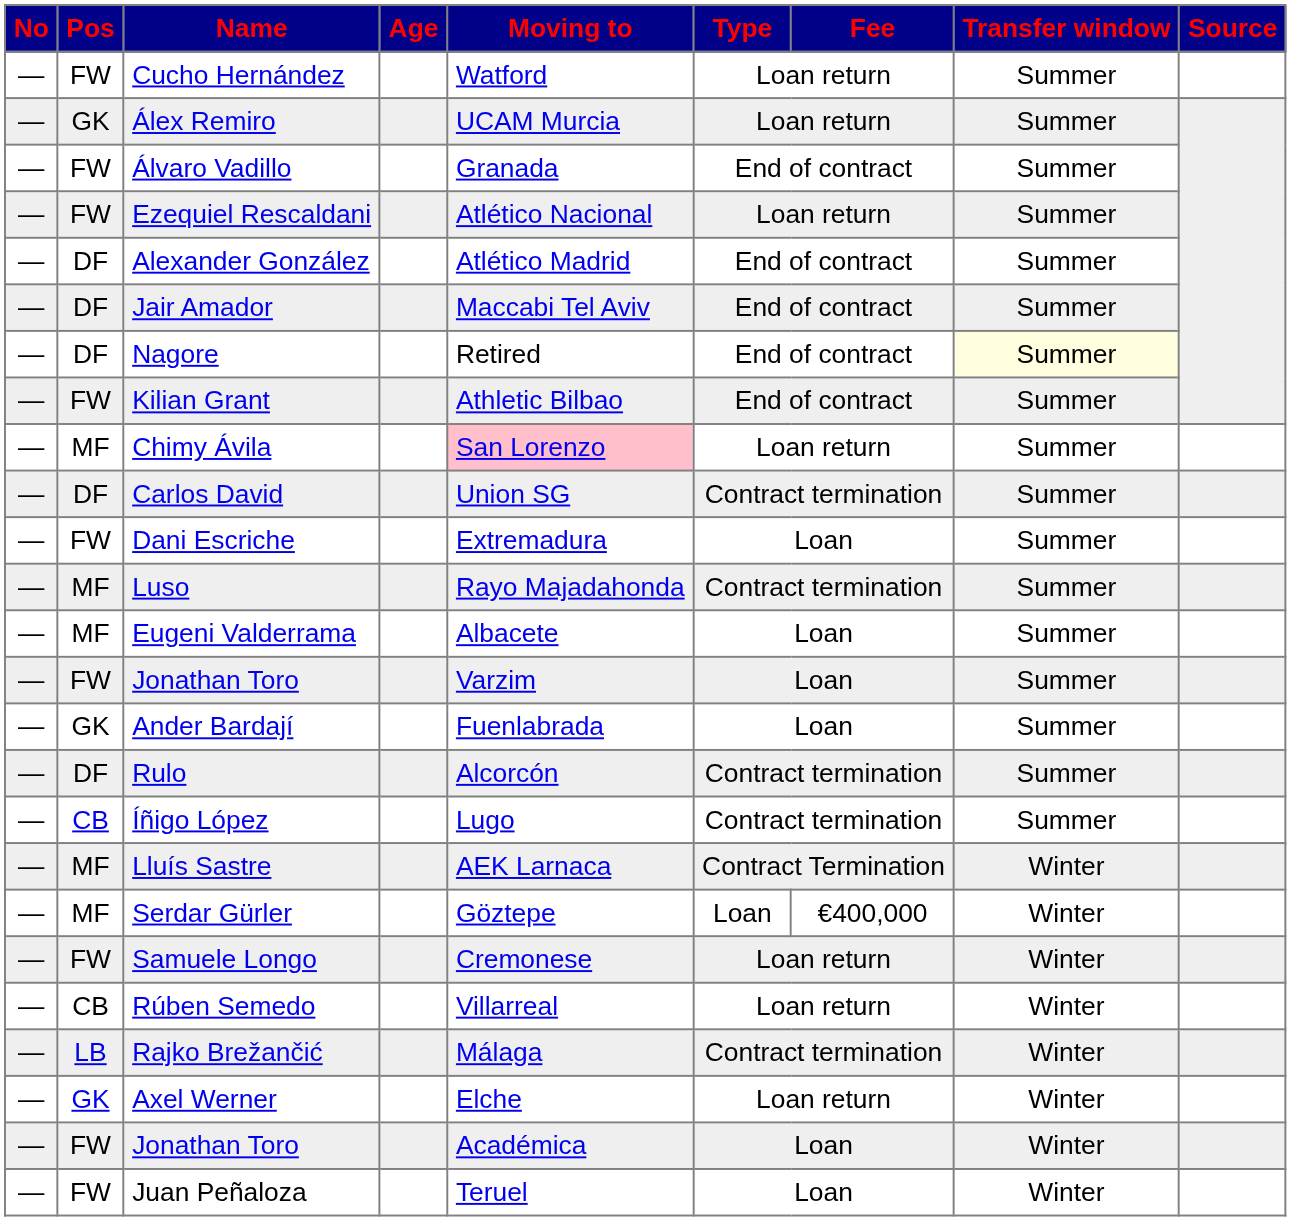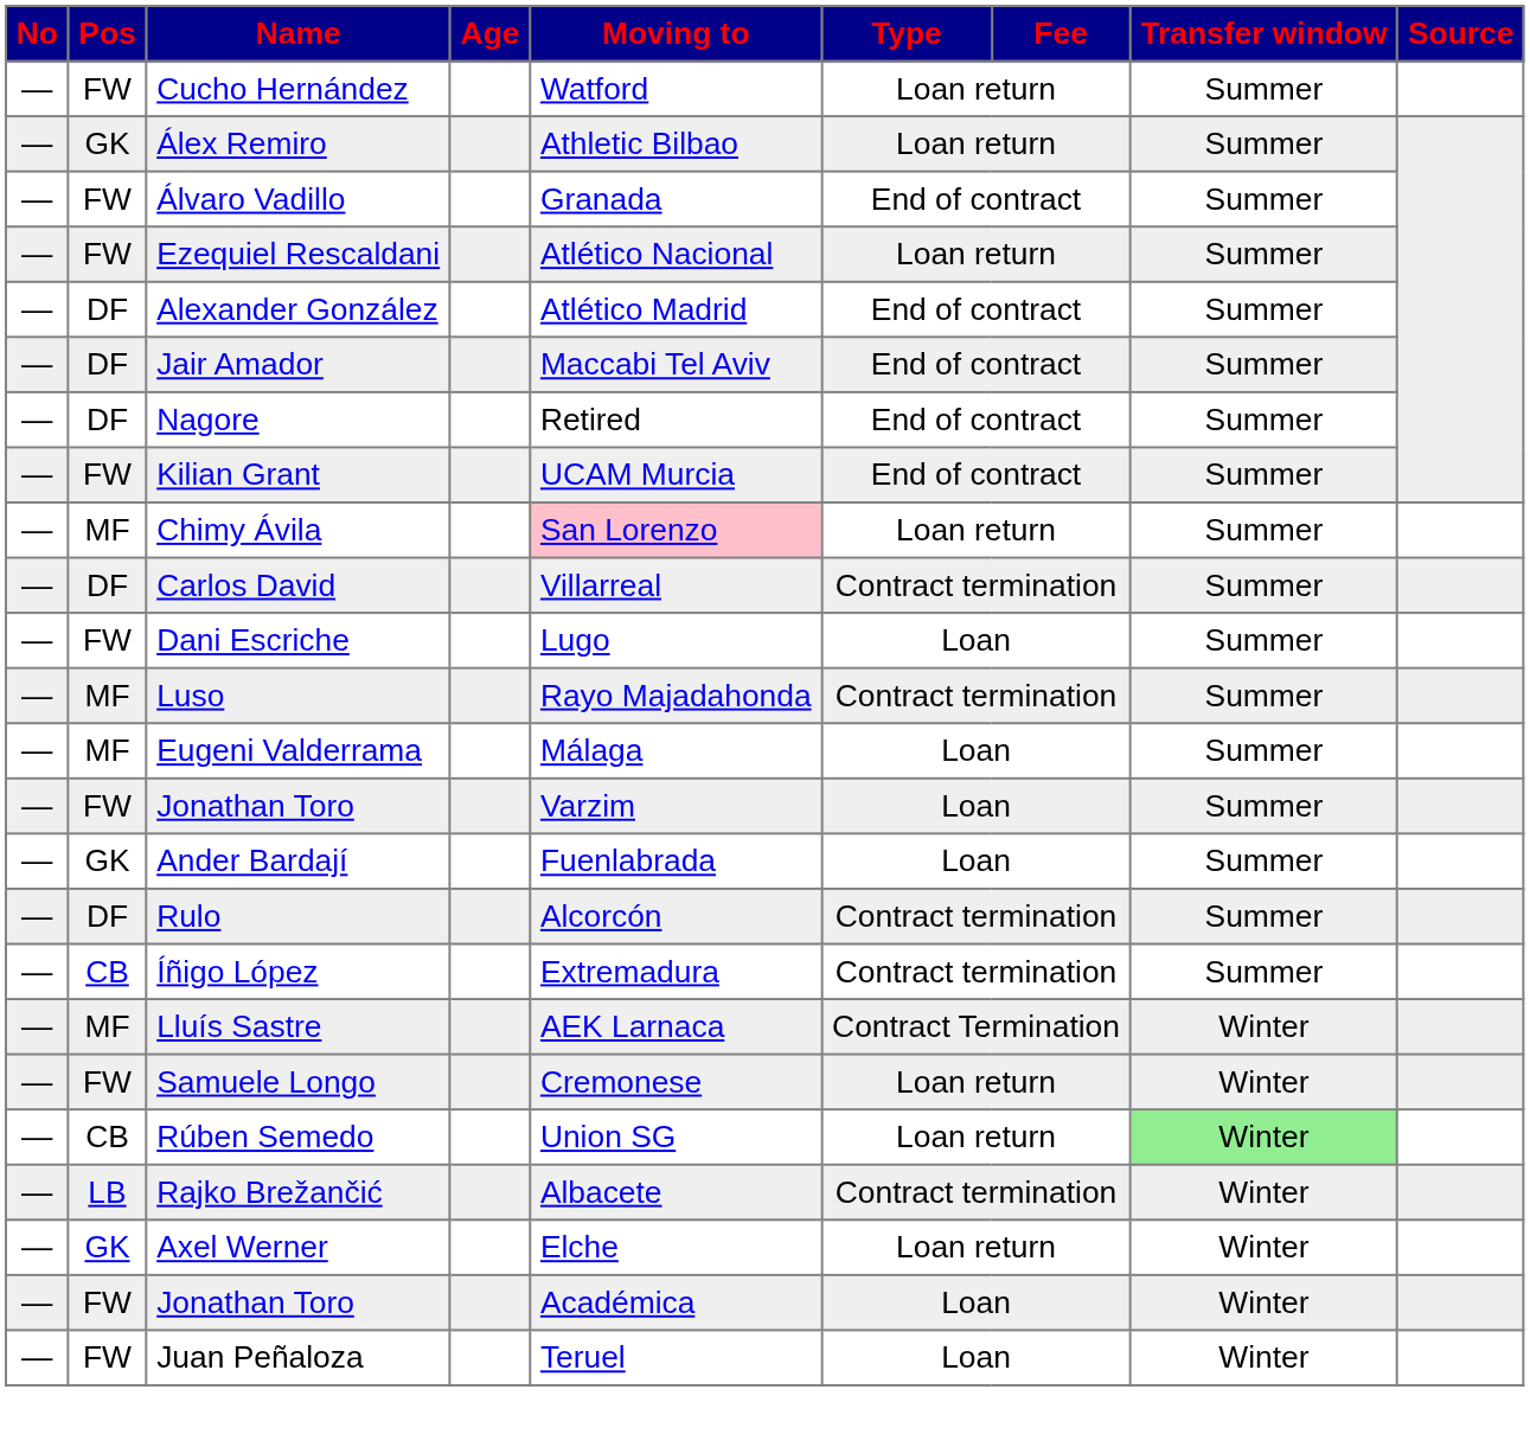 <table cellpadding="4" cellspacing="0" border="1" style="text-align: center; font-size: 85%; border: gray solid 1px; border-collapse: collapse;">
 <tr style="background:#000088; color:red;">
 <th>No</th>
 <th>Pos</th>
 <th>Name</th>
 <th>Age</th>
 <th>Moving to</th>
 <th>Type</th>
 <th>Fee</th>
 <th>Transfer window</th>
 <th>Source</th>
 </tr>
 <tr>
 <td>—</td>
 <td>FW</td>
 <td align="left"> <a href='#'>Cucho Hernández</a></td>
 <td></td>
 <td align="left"> <a href='#'>Watford</a></td>
 <td colspan=2>Loan return</td>
 <td>Summer</td>
 <td></td>
 </tr>
 <tr bgcolor="#EFEFEF">
 <td>—</td>
 <td>GK</td>
 <td align="left"> <a href='#'>Álex Remiro</a></td>
 <td></td>
-<td align="left"><a href='#'>UCAM Murcia</a></td>
+<td align="left"><a href='#'>Athletic Bilbao</a></td>
 <td colspan=2>Loan return</td>
 <td>Summer</td>
 <td style="text-align:center;" rowspan="7"></td>
 </tr>
 <tr>
 <td>—</td>
 <td>FW</td>
 <td align="left"> <a href='#'>Álvaro Vadillo</a></td>
 <td></td>
 <td align="left"><a href='#'>Granada</a></td>
 <td colspan=2>End of contract</td>
 <td>Summer</td>
 </tr>
 <tr bgcolor="#EFEFEF">
 <td>—</td>
 <td>FW</td>
 <td align="left"> <a href='#'>Ezequiel Rescaldani</a></td>
 <td></td>
 <td align="left"> <a href='#'>Atlético Nacional</a></td>
 <td colspan=2>Loan return</td>
 <td>Summer</td>
 </tr>
 <tr>
 <td>—</td>
 <td>DF</td>
 <td align="left"> <a href='#'>Alexander González</a></td>
 <td></td>
 <td align="left"><a href='#'>Atlético Madrid</a></td>
 <td colspan=2>End of contract</td>
 <td>Summer</td>
 </tr>
 <tr bgcolor="#EFEFEF">
 <td>—</td>
 <td>DF</td>
 <td align="left"> <a href='#'>Jair Amador</a></td>
 <td></td>
 <td align="left"> <a href='#'>Maccabi Tel Aviv</a></td>
 <td colspan=2>End of contract</td>
 <td>Summer</td>
 </tr>
 <tr>
 <td>—</td>
 <td>DF</td>
 <td align="left"> <a href='#'>Nagore</a></td>
 <td></td>
 <td align="left">Retired</td>
 <td colspan=2>End of contract</td>
-<td style="background: lightyellow;">Summer</td>
+<td>Summer</td>
 </tr>
 <tr bgcolor="#EFEFEF">
 <td>—</td>
 <td>FW</td>
 <td align="left"> <a href='#'>Kilian Grant</a></td>
 <td></td>
-<td align="left"><a href='#'>Athletic Bilbao</a></td>
+<td align="left"><a href='#'>UCAM Murcia</a></td>
 <td colspan=2>End of contract</td>
 <td>Summer</td>
 </tr>
 <tr>
 <td>—</td>
 <td>MF</td>
 <td align="left"> <a href='#'>Chimy Ávila</a></td>
 <td></td>
 <td align="left" style="background: pink;"> <a href='#'>San Lorenzo</a></td>
 <td colspan=2>Loan return</td>
 <td>Summer</td>
 <td></td>
 </tr>
 <tr bgcolor="#EFEFEF">
 <td>—</td>
 <td>DF</td>
 <td align="left"> <a href='#'>Carlos David</a></td>
 <td></td>
-<td align="left"> <a href='#'>Union SG</a></td>
+<td align="left"><a href='#'>Villarreal</a></td>
 <td colspan=2>Contract termination</td>
 <td>Summer</td>
 <td></td>
 </tr>
 <tr>
 <td>—</td>
 <td>FW</td>
 <td align="left"> <a href='#'>Dani Escriche</a></td>
 <td></td>
-<td align="left"><a href='#'>Extremadura</a></td>
+<td align="left"><a href='#'>Lugo</a></td>
 <td colspan=2>Loan</td>
 <td>Summer</td>
 <td></td>
 </tr>
 <tr bgcolor="#EFEFEF">
 <td>—</td>
 <td>MF</td>
 <td align="left"> <a href='#'>Luso</a></td>
 <td></td>
 <td align="left"><a href='#'>Rayo Majadahonda</a></td>
 <td colspan=2>Contract termination</td>
 <td>Summer</td>
 <td></td>
 </tr>
 <tr>
 <td>—</td>
 <td>MF</td>
 <td align="left"> <a href='#'>Eugeni Valderrama</a></td>
 <td></td>
-<td align="left"><a href='#'>Albacete</a></td>
+<td align="left"><a href='#'>Málaga</a></td>
 <td colspan=2>Loan</td>
 <td>Summer</td>
 <td></td>
 </tr>
 <tr bgcolor="#EFEFEF">
 <td>—</td>
 <td>FW</td>
 <td align="left"> <a href='#'>Jonathan Toro</a></td>
 <td></td>
 <td align="left"> <a href='#'>Varzim</a></td>
 <td colspan=2>Loan</td>
 <td>Summer</td>
 <td></td>
 </tr>
 <tr>
 <td>—</td>
 <td>GK</td>
 <td align="left"> <a href='#'>Ander Bardají</a></td>
 <td></td>
 <td align="left"><a href='#'>Fuenlabrada</a></td>
 <td colspan=2>Loan</td>
 <td>Summer</td>
 <td></td>
 </tr>
 <tr bgcolor="#EFEFEF">
 <td>—</td>
 <td>DF</td>
 <td align="left"> <a href='#'>Rulo</a></td>
 <td></td>
 <td align="left"><a href='#'>Alcorcón</a></td>
 <td colspan=2>Contract termination</td>
 <td>Summer</td>
 <td></td>
 </tr>
 <tr>
 <td>—</td>
 <td><a href='#'>CB</a></td>
 <td align="left"> <a href='#'>Íñigo López</a></td>
 <td></td>
-<td align="left"><a href='#'>Lugo</a></td>
+<td align="left"><a href='#'>Extremadura</a></td>
 <td colspan=2>Contract termination</td>
 <td>Summer</td>
 <td></td>
 </tr>
 <tr bgcolor="#EFEFEF">
 <td>—</td>
 <td>MF</td>
 <td align="left"> <a href='#'>Lluís Sastre</a></td>
 <td></td>
 <td align="left"> <a href='#'>AEK Larnaca</a></td>
 <td colspan=2>Contract Termination</td>
-<td>Winter</td>
-<td></td>
-</tr>
-<tr>
-<td>—</td>
-<td>MF</td>
-<td align="left"> <a href='#'>Serdar Gürler</a></td>
-<td></td>
-<td align="left"> <a href='#'>Göztepe</a></td>
-<td>Loan</td>
-<td>€400,000</td>
 <td>Winter</td>
 <td></td>
 </tr>
 <tr bgcolor="#EFEFEF">
 <td>—</td>
 <td>FW</td>
 <td align="left"> <a href='#'>Samuele Longo</a></td>
 <td></td>
 <td align="left"> <a href='#'>Cremonese</a></td>
 <td colspan=2>Loan return</td>
 <td>Winter</td>
 <td></td>
 </tr>
 <tr>
 <td>—</td>
 <td>CB</td>
 <td align="left"> <a href='#'>Rúben Semedo</a></td>
 <td></td>
-<td align="left"><a href='#'>Villarreal</a></td>
+<td align="left"> <a href='#'>Union SG</a></td>
 <td colspan=2>Loan return</td>
-<td>Winter</td>
+<td style="background: lightgreen;">Winter</td>
 <td></td>
 </tr>
 <tr bgcolor="#EFEFEF">
 <td>—</td>
 <td><a href='#'>LB</a></td>
 <td align="left"> <a href='#'>Rajko Brežančić</a></td>
 <td></td>
-<td align="left"><a href='#'>Málaga</a></td>
+<td align="left"><a href='#'>Albacete</a></td>
 <td colspan=2>Contract termination</td>
 <td>Winter</td>
 <td></td>
 </tr>
 <tr>
 <td>—</td>
 <td><a href='#'>GK</a></td>
 <td align="left"> <a href='#'>Axel Werner</a></td>
 <td></td>
 <td align="left"><a href='#'>Elche</a></td>
 <td colspan=2>Loan return</td>
 <td>Winter</td>
 <td></td>
 </tr>
 <tr bgcolor="#EFEFEF">
 <td>—</td>
 <td>FW</td>
 <td align="left"> <a href='#'>Jonathan Toro</a></td>
 <td></td>
 <td align="left"> <a href='#'>Académica</a></td>
 <td colspan=2>Loan</td>
 <td>Winter</td>
 <td></td>
 </tr>
 <tr>
 <td>—</td>
 <td>FW</td>
 <td align="left"> Juan Peñaloza</td>
 <td></td>
 <td align="left"><a href='#'>Teruel</a></td>
 <td colspan=2>Loan</td>
 <td>Winter</td>
 <td></td>
 </tr>
 </table>
